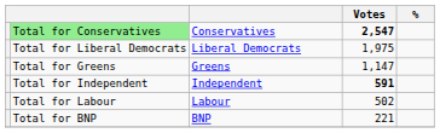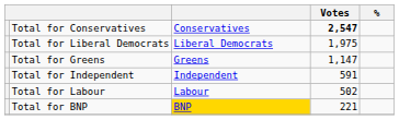 <table class="wikitable">
 <tr>
 <th valign=top colspan="2" style="width: 180px"></th>
 <th valign=top style="width: 180px"></th>
 <th valign=top style="width: 60px">Votes</th>
 <th valign=top style="width: 40px">%</th>
 </tr>
 <tr>
 <th style="background-color: "></th>
-<td style="background: lightgreen;">Total for Conservatives</td>
+<td>Total for Conservatives</td>
 <td><a href='#'>Conservatives</a></td>
 <td align="right"><strong>2,547</strong></td>
 <td align="right"></td>
 </tr>
 <tr>
 <th style="background-color: "></th>
 <td>Total for Liberal Democrats</td>
 <td><a href='#'>Liberal Democrats</a></td>
 <td align="right">1,975</td>
 <td align="right"></td>
 </tr>
 <tr>
 <th style="background-color: "></th>
 <td>Total for Greens</td>
 <td><a href='#'>Greens</a></td>
 <td align="right">1,147</td>
 <td align="right"></td>
 </tr>
 <tr>
 <th style="background-color: "></th>
 <td>Total for Independent</td>
 <td><a href='#'>Independent</a></td>
-<td align="right"><strong>591</strong></td>
+<td align="right">591</td>
 <td align="right"></td>
 </tr>
 <tr>
 <th style="background-color: "></th>
 <td>Total for Labour</td>
 <td><a href='#'>Labour</a></td>
 <td align="right">502</td>
 <td align="right"></td>
 </tr>
 <tr>
 <th style="background-color: "></th>
 <td>Total for BNP</td>
-<td><a href='#'>BNP</a></td>
+<td style="background: gold;"><a href='#'>BNP</a></td>
 <td align="right">221</td>
 <td align="right"></td>
 </tr>
 <tr>
 </tr>
 </table>
